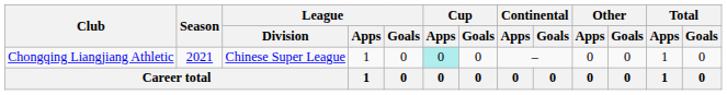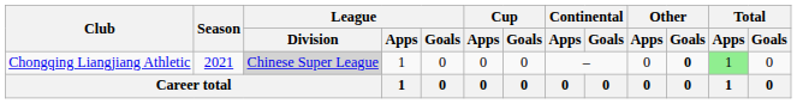 <table class="wikitable" style="text-align: center">
 <tr>
 <th rowspan="2">Club</th>
 <th rowspan="2">Season</th>
 <th colspan="3">League</th>
 <th colspan="2">Cup</th>
 <th colspan="2">Continental</th>
 <th colspan="2">Other</th>
 <th colspan="2">Total</th>
 </tr>
 <tr>
 <th>Division</th>
 <th>Apps</th>
 <th>Goals</th>
 <th>Apps</th>
 <th>Goals</th>
 <th>Apps</th>
 <th>Goals</th>
 <th>Apps</th>
 <th>Goals</th>
 <th>Apps</th>
 <th>Goals</th>
 </tr>
 <tr>
 <td><a href='#'>Chongqing Liangjiang Athletic</a></td>
 <td><a href='#'>2021</a></td>
-<td><a href='#'>Chinese Super League</a></td>
+<td style="background: lightgrey;"><a href='#'>Chinese Super League</a></td>
 <td>1</td>
 <td>0</td>
-<td style="background: paleturquoise;">0</td>
+<td>0</td>
 <td>0</td>
 <td colspan="2">–</td>
 <td>0</td>
-<td>0</td>
-<td>1</td>
+<td><strong>0</strong></td>
+<td style="background: lightgreen;">1</td>
 <td>0</td>
 </tr>
 <tr>
 <th colspan=3>Career total</th>
 <th>1</th>
 <th>0</th>
 <th>0</th>
 <th>0</th>
 <th>0</th>
 <th>0</th>
 <th>0</th>
 <th>0</th>
 <th>1</th>
 <th>0</th>
 </tr>
 </table>
